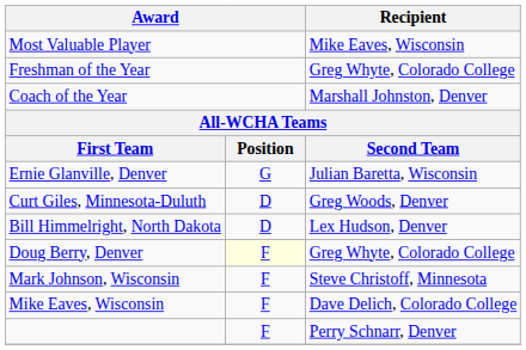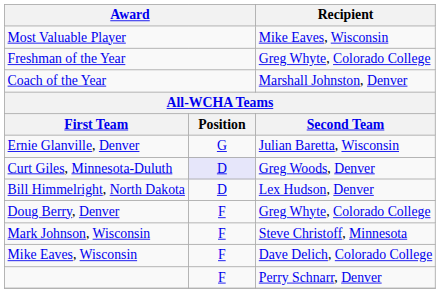 <table class="wikitable">
 <tr>
 <th colspan=2><a href='#'>Award</a></th>
 <th>Recipient</th>
 </tr>
 <tr>
 <td colspan=2><a href='#'>Most Valuable Player</a></td>
 <td><a href='#'>Mike Eaves</a>, <a href='#'>Wisconsin</a></td>
 </tr>
 <tr>
 <td colspan=2><a href='#'>Freshman of the Year</a></td>
 <td><a href='#'>Greg Whyte</a>, <a href='#'>Colorado College</a></td>
 </tr>
 <tr>
 <td colspan=2><a href='#'>Coach of the Year</a></td>
 <td><a href='#'>Marshall Johnston</a>, <a href='#'>Denver</a></td>
 </tr>
 <tr>
 <th colspan=3><a href='#'>All-WCHA Teams</a></th>
 </tr>
 <tr>
 <th><a href='#'>First Team</a></th>
 <th>  Position  </th>
 <th><a href='#'>Second Team</a></th>
 </tr>
 <tr>
 <td><a href='#'>Ernie Glanville</a>, <a href='#'>Denver</a></td>
 <td align=center><a href='#'>G</a></td>
 <td><a href='#'>Julian Baretta</a>, <a href='#'>Wisconsin</a></td>
 </tr>
 <tr>
 <td><a href='#'>Curt Giles</a>, <a href='#'>Minnesota-Duluth</a></td>
-<td align=center><a href='#'>D</a></td>
+<td align=center style="background: lavender;"><a href='#'>D</a></td>
 <td><a href='#'>Greg Woods</a>, <a href='#'>Denver</a></td>
 </tr>
 <tr>
 <td><a href='#'>Bill Himmelright</a>, <a href='#'>North Dakota</a></td>
 <td align=center><a href='#'>D</a></td>
 <td><a href='#'>Lex Hudson</a>, <a href='#'>Denver</a></td>
 </tr>
 <tr>
 <td><a href='#'>Doug Berry</a>, <a href='#'>Denver</a></td>
-<td align=center style="background: lightyellow;"><a href='#'>F</a></td>
+<td align=center><a href='#'>F</a></td>
 <td><a href='#'>Greg Whyte</a>, <a href='#'>Colorado College</a></td>
 </tr>
 <tr>
 <td><a href='#'>Mark Johnson</a>, <a href='#'>Wisconsin</a></td>
 <td align=center><a href='#'>F</a></td>
 <td><a href='#'>Steve Christoff</a>, <a href='#'>Minnesota</a></td>
 </tr>
 <tr>
 <td><a href='#'>Mike Eaves</a>, <a href='#'>Wisconsin</a></td>
 <td align=center><a href='#'>F</a></td>
 <td><a href='#'>Dave Delich</a>, <a href='#'>Colorado College</a></td>
 </tr>
 <tr>
 <td></td>
 <td align=center><a href='#'>F</a></td>
 <td><a href='#'>Perry Schnarr</a>, <a href='#'>Denver</a></td>
 </tr>
 <tr>
 </tr>
 </table>
